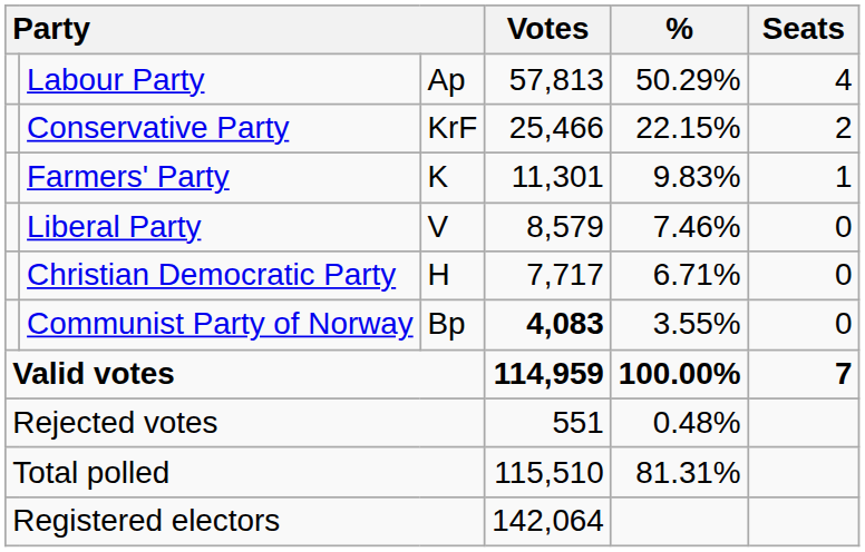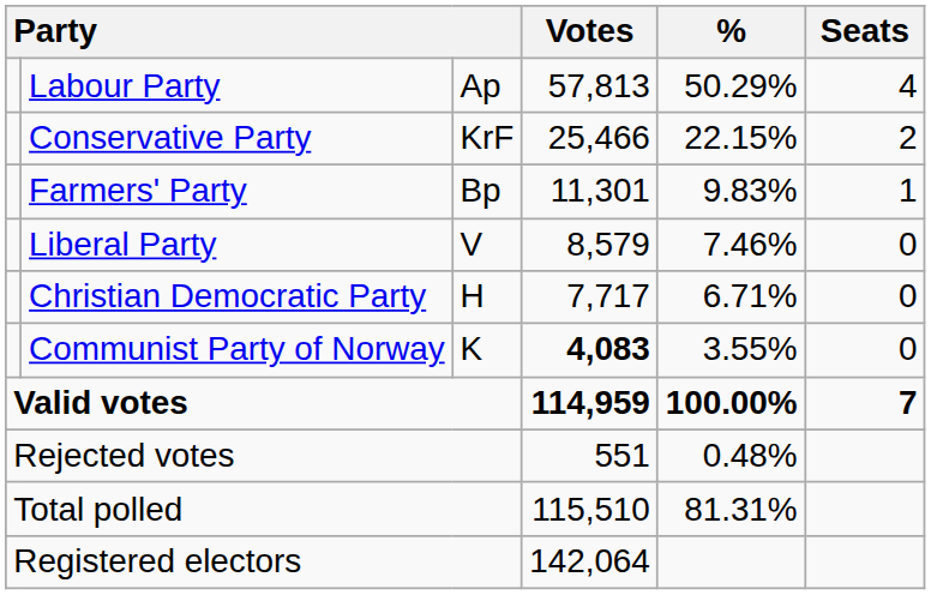 <table class="wikitable" border="1" style="text-align:right;">
 <tr>
 <th style="text-align:left;" colspan=3>Party</th>
 <th align=center width="50">Votes</th>
 <th align=center width="50">%</th>
 <th align=center width="50">Seats</th>
 </tr>
 <tr>
 <td style="color:inherit;background:"></td>
 <td align=left><a href='#'>Labour Party</a></td>
 <td align=left>Ap</td>
 <td>57,813</td>
 <td>50.29%</td>
 <td>4</td>
 </tr>
 <tr>
 <td style="color:inherit;background:"></td>
 <td align=left><a href='#'>Conservative Party</a></td>
 <td align=left>KrF</td>
 <td>25,466</td>
 <td>22.15%</td>
 <td>2</td>
 </tr>
 <tr>
 <td style="color:inherit;background:"></td>
 <td align=left><a href='#'>Farmers' Party</a></td>
-<td align=left>K</td>
+<td align=left>Bp</td>
 <td>11,301</td>
 <td>9.83%</td>
 <td>1</td>
 </tr>
 <tr>
 <td style="color:inherit;background:"></td>
 <td align=left><a href='#'>Liberal Party</a></td>
 <td align=left>V</td>
 <td>8,579</td>
 <td>7.46%</td>
 <td>0</td>
 </tr>
 <tr>
 <td style="color:inherit;background:"></td>
 <td align=left><a href='#'>Christian Democratic Party</a></td>
 <td align=left>H</td>
 <td>7,717</td>
 <td>6.71%</td>
 <td>0</td>
 </tr>
 <tr>
 <td style="color:inherit;background:"></td>
 <td align=left><a href='#'>Communist Party of Norway</a></td>
-<td align=left>Bp</td>
+<td align=left>K</td>
 <td><strong>4,083</strong></td>
 <td>3.55%</td>
 <td>0</td>
 </tr>
 <tr style="font-weight:bold">
 <td align=left colspan=3>Valid votes</td>
 <td>114,959</td>
 <td>100.00%</td>
 <td>7</td>
 </tr>
 <tr>
 <td align=left colspan=3>Rejected votes</td>
 <td>551</td>
 <td>0.48%</td>
 <td></td>
 </tr>
 <tr>
 <td align=left colspan=3>Total polled</td>
 <td>115,510</td>
 <td>81.31%</td>
 <td></td>
 </tr>
 <tr>
 <td align=left colspan=3>Registered electors</td>
 <td>142,064</td>
 <td></td>
 <td></td>
 </tr>
 </table>
